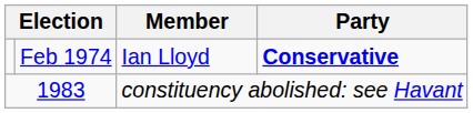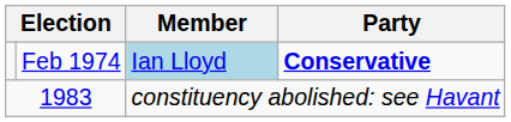 <table class="wikitable">
 <tr>
 <th colspan="2">Election</th>
 <th>Member</th>
 <th>Party</th>
 </tr>
 <tr>
 <td style="color:inherit;background-color: "></td>
 <td><a href='#'>Feb 1974</a></td>
-<td><a href='#'>Ian Lloyd</a></td>
+<td style="background: lightblue;"><a href='#'>Ian Lloyd</a></td>
 <td><strong><a href='#'>Conservative</a></strong></td>
 </tr>
 <tr>
 <td colspan="2" align="center"><a href='#'>1983</a></td>
 <td colspan="2"><em>constituency abolished: see <a href='#'>Havant</a></em></td>
 </tr>
 </table>
